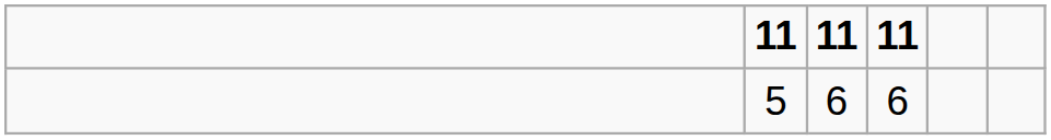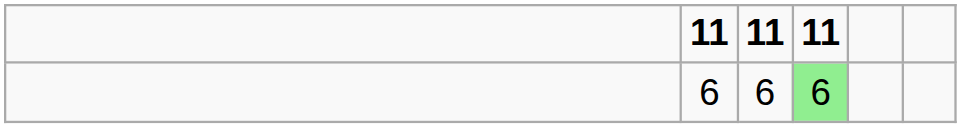 <table class="wikitable">
 <tr>
 <td style="width:18em"><strong></strong></td>
 <td align=center style="width:1em"><strong>11</strong></td>
 <td align=center style="width:1em"><strong>11</strong></td>
 <td align=center style="width:1em"><strong>11</strong></td>
 <td align=center style="width:1em"></td>
 <td align=center style="width:1em"></td>
 </tr>
 <tr>
 <td style="width:18em"></td>
-<td align=center style="width:1em">5</td>
 <td align=center style="width:1em">6</td>
 <td align=center style="width:1em">6</td>
+<td align=center style="background: lightgreen; width:1em">6</td>
 <td align=center style="width:1em"></td>
 <td align=center style="width:1em"></td>
 </tr>
 </table>
